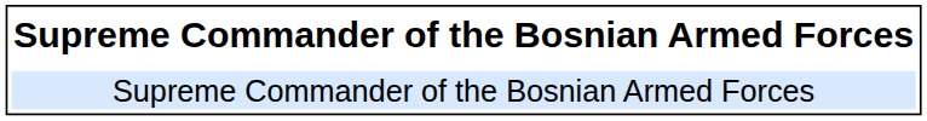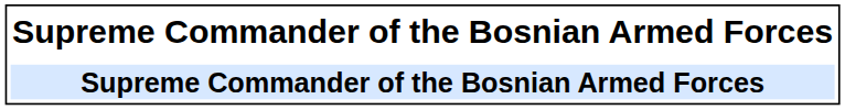 <table style="border:1px solid black; background:white; font-size:95%; margin:auto;">
 <tr>
 <td style="text-align:center;" colspan="3"><big><strong>Supreme Commander of the Bosnian Armed Forces</strong></big></td>
 </tr>
 <tr align=center>
 <td></td>
 </tr>
 <tr style="text-align:center; background:#d7e8ff;">
-<td>Supreme Commander of the Bosnian Armed Forces</td>
+<td><strong>Supreme Commander of the Bosnian Armed Forces</strong></td>
 </tr>
 </table>
